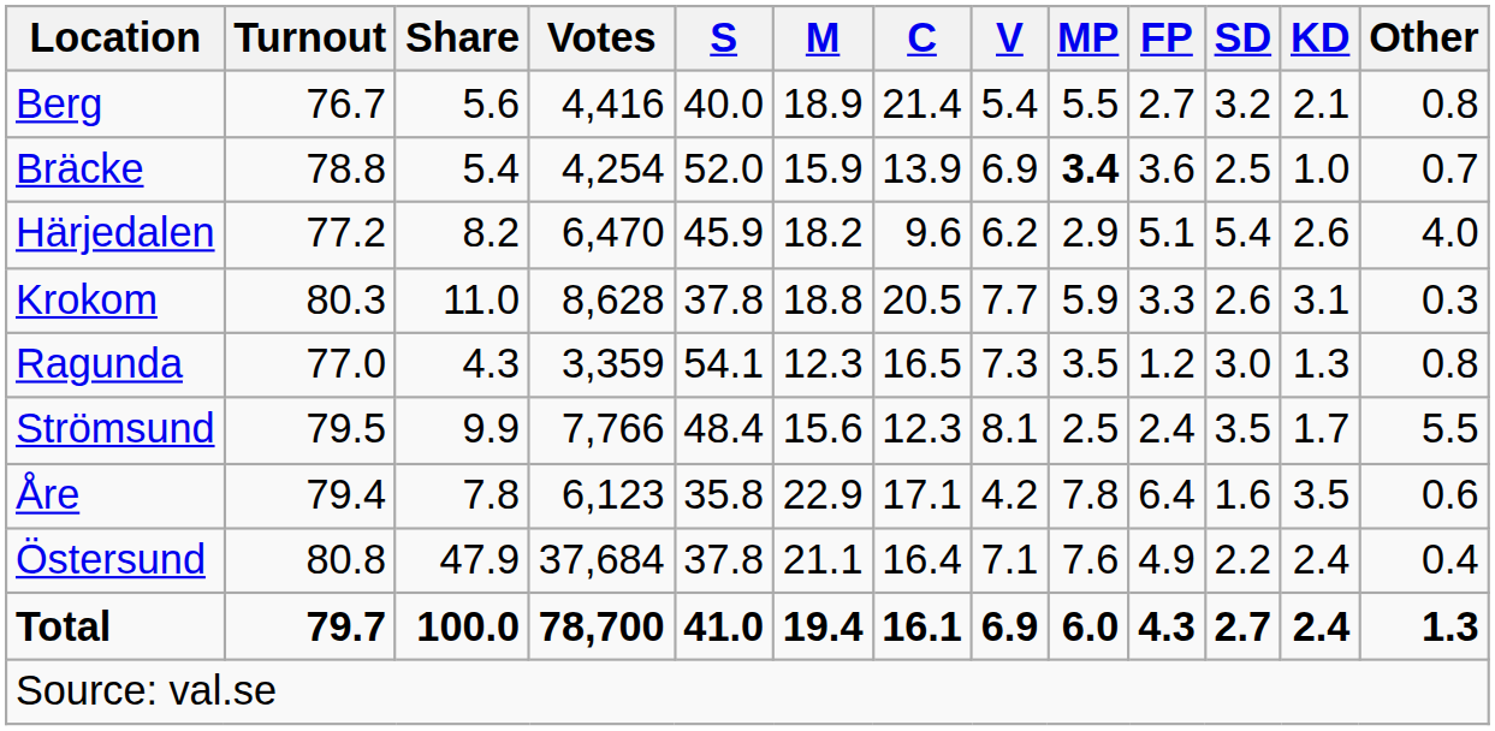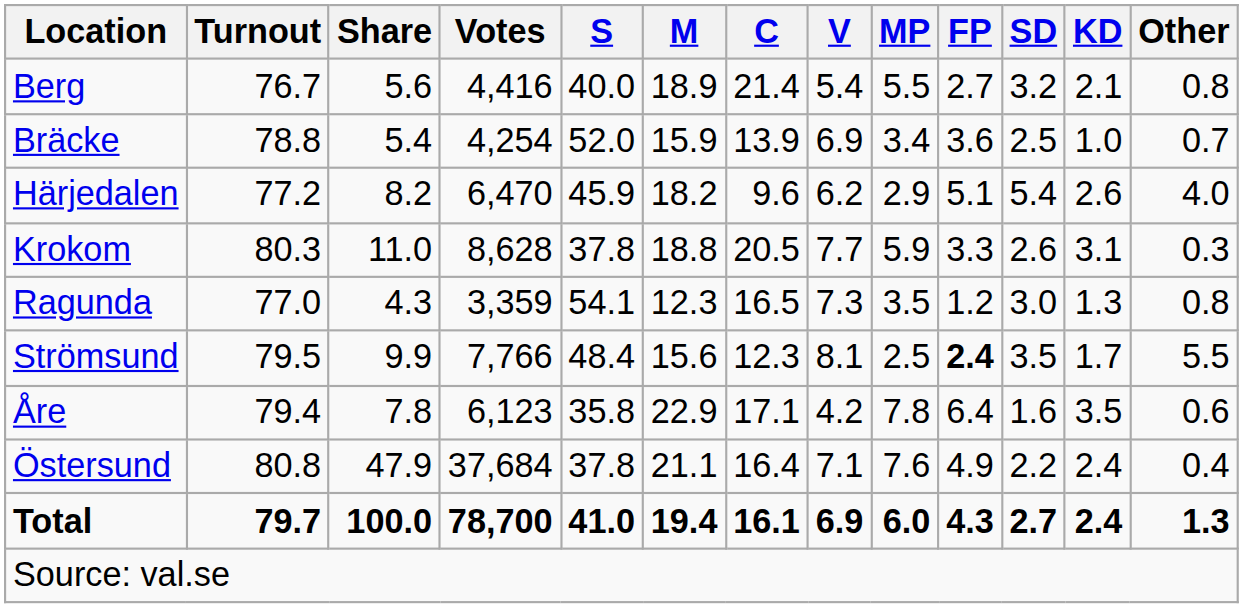 <table class="wikitable sortable" style=text-align:right>
 <tr>
 <th>Location</th>
 <th>Turnout</th>
 <th>Share</th>
 <th>Votes</th>
 <th><a href='#'>S</a></th>
 <th><a href='#'>M</a></th>
 <th><a href='#'>C</a></th>
 <th><a href='#'>V</a></th>
 <th><a href='#'>MP</a></th>
 <th><a href='#'>FP</a></th>
 <th><a href='#'>SD</a></th>
 <th><a href='#'>KD</a></th>
 <th>Other</th>
 </tr>
 <tr>
 <td align=left><a href='#'>Berg</a></td>
 <td>76.7</td>
 <td>5.6</td>
 <td>4,416</td>
 <td>40.0</td>
 <td>18.9</td>
 <td>21.4</td>
 <td>5.4</td>
 <td>5.5</td>
 <td>2.7</td>
 <td>3.2</td>
 <td>2.1</td>
 <td>0.8</td>
 </tr>
 <tr>
 <td align=left><a href='#'>Bräcke</a></td>
 <td>78.8</td>
 <td>5.4</td>
 <td>4,254</td>
 <td>52.0</td>
 <td>15.9</td>
 <td>13.9</td>
 <td>6.9</td>
-<td><strong>3.4</strong></td>
+<td>3.4</td>
 <td>3.6</td>
 <td>2.5</td>
 <td>1.0</td>
 <td>0.7</td>
 </tr>
 <tr>
 <td align=left><a href='#'>Härjedalen</a></td>
 <td>77.2</td>
 <td>8.2</td>
 <td>6,470</td>
 <td>45.9</td>
 <td>18.2</td>
 <td>9.6</td>
 <td>6.2</td>
 <td>2.9</td>
 <td>5.1</td>
 <td>5.4</td>
 <td>2.6</td>
 <td>4.0</td>
 </tr>
 <tr>
 <td align=left><a href='#'>Krokom</a></td>
 <td>80.3</td>
 <td>11.0</td>
 <td>8,628</td>
 <td>37.8</td>
 <td>18.8</td>
 <td>20.5</td>
 <td>7.7</td>
 <td>5.9</td>
 <td>3.3</td>
 <td>2.6</td>
 <td>3.1</td>
 <td>0.3</td>
 </tr>
 <tr>
 <td align=left><a href='#'>Ragunda</a></td>
 <td>77.0</td>
 <td>4.3</td>
 <td>3,359</td>
 <td>54.1</td>
 <td>12.3</td>
 <td>16.5</td>
 <td>7.3</td>
 <td>3.5</td>
 <td>1.2</td>
 <td>3.0</td>
 <td>1.3</td>
 <td>0.8</td>
 </tr>
 <tr>
 <td align=left><a href='#'>Strömsund</a></td>
 <td>79.5</td>
 <td>9.9</td>
 <td>7,766</td>
 <td>48.4</td>
 <td>15.6</td>
 <td>12.3</td>
 <td>8.1</td>
 <td>2.5</td>
-<td>2.4</td>
+<td><strong>2.4</strong></td>
 <td>3.5</td>
 <td>1.7</td>
 <td>5.5</td>
 </tr>
 <tr>
 <td align=left><a href='#'>Åre</a></td>
 <td>79.4</td>
 <td>7.8</td>
 <td>6,123</td>
 <td>35.8</td>
 <td>22.9</td>
 <td>17.1</td>
 <td>4.2</td>
 <td>7.8</td>
 <td>6.4</td>
 <td>1.6</td>
 <td>3.5</td>
 <td>0.6</td>
 </tr>
 <tr>
 <td align=left><a href='#'>Östersund</a></td>
 <td>80.8</td>
 <td>47.9</td>
 <td>37,684</td>
 <td>37.8</td>
 <td>21.1</td>
 <td>16.4</td>
 <td>7.1</td>
 <td>7.6</td>
 <td>4.9</td>
 <td>2.2</td>
 <td>2.4</td>
 <td>0.4</td>
 </tr>
 <tr>
 <td align=left><strong>Total</strong></td>
 <td><strong>79.7</strong></td>
 <td><strong>100.0</strong></td>
 <td><strong>78,700</strong></td>
 <td><strong>41.0</strong></td>
 <td><strong>19.4</strong></td>
 <td><strong>16.1</strong></td>
 <td><strong>6.9</strong></td>
 <td><strong>6.0</strong></td>
 <td><strong>4.3</strong></td>
 <td><strong>2.7</strong></td>
 <td><strong>2.4</strong></td>
 <td><strong>1.3</strong></td>
 </tr>
 <tr>
 <td align=left colspan=13>Source: val.se</td>
 </tr>
 </table>
